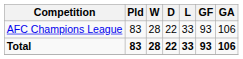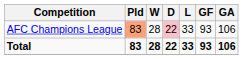 <table class="wikitable">
 <tr>
 <th>Competition</th>
 <th>Pld</th>
 <th>W</th>
 <th>D</th>
 <th>L</th>
 <th>GF</th>
 <th>GA</th>
 </tr>
 <tr>
 <td><a href='#'>AFC Champions League</a></td>
-<td style="text-align:center;">83</td>
+<td style="background: lightsalmon; text-align:center;">83</td>
 <td style="text-align:center;">28</td>
-<td style="text-align:center;">22</td>
+<td style="background: pink; text-align:center;">22</td>
 <td style="text-align:center;">33</td>
 <td style="text-align:center;">93</td>
 <td style="text-align:center;">106</td>
 </tr>
 <tr>
 <td><strong>Total</strong></td>
 <td style="text-align:center;"><strong>83</strong></td>
 <td style="text-align:center;"><strong>28</strong></td>
 <td style="text-align:center;"><strong>22</strong></td>
 <td style="text-align:center;"><strong>33</strong></td>
 <td style="text-align:center;"><strong>93</strong></td>
 <td style="text-align:center;"><strong>106</strong></td>
 </tr>
 <tr>
 </tr>
 </table>
